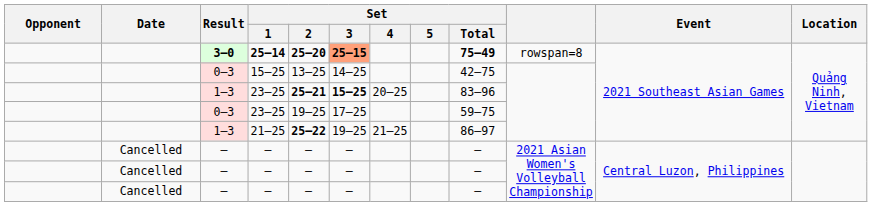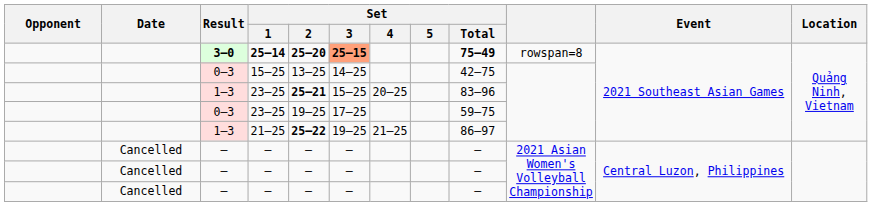 <table class="wikitable" style="font-size: 90%">
 <tr>
 <th rowspan=2 width=12%>Opponent</th>
 <th rowspan=2 width=12%>Date</th>
 <th rowspan=2 width=5%>Result</th>
 <th colspan=6>Set</th>
 <th rowspan=2 width=5%></th>
 <th rowspan=2 width=25%>Event</th>
 <th rowspan=2 width=15%>Location</th>
 </tr>
 <tr>
 <th width=5%>1</th>
 <th width=5%>2</th>
 <th width=5%>3</th>
 <th width=5%>4</th>
 <th width=5%>5</th>
 <th width=7%>Total</th>
 </tr>
 <tr style="text-align:center;">
 <td style="text-align:left;"></td>
 <td></td>
 <td style="background:#ddffdd;"><strong>3–0</strong></td>
 <td><strong>25–14</strong></td>
 <td><strong>25–20</strong></td>
 <td style="background: lightsalmon;"><strong>25–15</strong></td>
 <td></td>
 <td></td>
 <td><strong>75–49</strong></td>
 <td>rowspan=8 </td>
 <td rowspan=5><a href='#'>2021 Southeast Asian Games</a></td>
 <td rowspan=5><a href='#'>Quảng Ninh</a>, <a href='#'>Vietnam</a></td>
 </tr>
 <tr style="text-align:center;">
 <td style="text-align:left;"></td>
 <td></td>
 <td style="background:#ffdddd;">0–3</td>
 <td>15–25</td>
 <td>13–25</td>
 <td>14–25</td>
 <td></td>
 <td></td>
 <td>42–75</td>
 </tr>
 <tr style="text-align:center;">
 <td style="text-align:left;"></td>
 <td></td>
 <td style="background:#ffdddd;">1–3</td>
 <td>23–25</td>
 <td><strong>25–21</strong></td>
-<td><strong>15–25</strong></td>
+<td>15–25</td>
 <td>20–25</td>
 <td></td>
 <td>83–96</td>
 </tr>
 <tr style="text-align:center;">
 <td style="text-align:left;"></td>
 <td></td>
 <td style="background:#ffdddd">0–3</td>
 <td>23–25</td>
 <td>19–25</td>
 <td>17–25</td>
 <td></td>
 <td></td>
 <td>59–75</td>
 </tr>
 <tr style="text-align:center;">
 <td style="text-align:left;"></td>
 <td></td>
 <td style="background:#ffdddd">1–3</td>
 <td>21–25</td>
 <td><strong>25–22</strong></td>
 <td>19–25</td>
 <td>21–25</td>
 <td></td>
 <td>86–97</td>
 </tr>
 <tr style="text-align:center;">
 <td style="text-align:left;"></td>
 <td>Cancelled</td>
 <td style="background:#;">–</td>
 <td>–</td>
 <td>–</td>
 <td>–</td>
 <td></td>
 <td></td>
 <td>–</td>
 <td rowspan=3><a href='#'>2021 Asian Women's Volleyball Championship</a></td>
 <td rowspan=3><a href='#'>Central Luzon</a>, <a href='#'>Philippines</a></td>
 </tr>
 <tr style="text-align:center;">
 <td style="text-align:left;"></td>
 <td>Cancelled</td>
 <td style="background:#;">–</td>
 <td>–</td>
 <td>–</td>
 <td>–</td>
 <td></td>
 <td></td>
 <td>–</td>
 </tr>
 <tr style="text-align:center;">
 <td style="text-align:left;"></td>
 <td>Cancelled</td>
 <td style="background:#;">–</td>
 <td>–</td>
 <td>–</td>
 <td>–</td>
 <td></td>
 <td></td>
 <td>–</td>
 </tr>
 </table>
